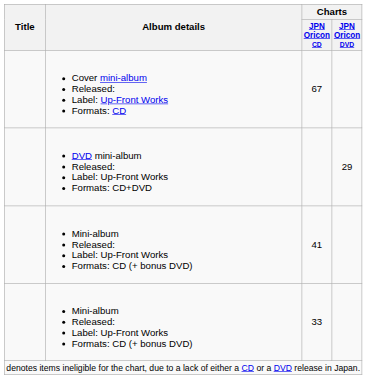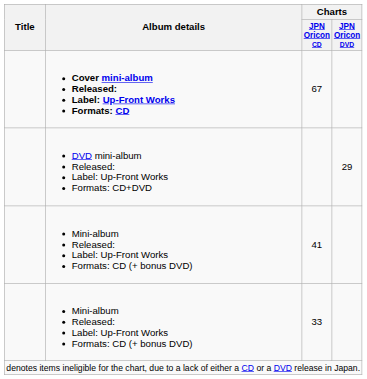 <table class="wikitable">
 <tr>
 <th rowspan="2">Title</th>
 <th rowspan="2">Album details</th>
 <th colspan="2">Charts</th>
 </tr>
 <tr>
 <th style="width:3em;font-size:85%;"><a href='#'>JPN<br>Oricon<br><small>CD</small></a><br></th>
 <th style="width:3em;font-size:85%;"><a href='#'>JPN<br>Oricon<br><small>DVD</small></a><br></th>
 </tr>
 <tr>
 <td></td>
-<td><br><ul><li>Cover <a href='#'>mini-album</a></li><li>Released: </li><li>Label: <a href='#'>Up-Front Works</a></li><li>Formats: <a href='#'>CD</a></li></ul></td>
+<td><strong><br><ul><li>Cover <a href='#'>mini-album</a></li><li>Released: </li><li>Label: <a href='#'>Up-Front Works</a></li><li>Formats: <a href='#'>CD</a></li></ul></strong></td>
 <td align="center">67</td>
 <td></td>
 </tr>
 <tr>
 <td></td>
 <td><br><ul><li><a href='#'>DVD</a> mini-album</li><li>Released: </li><li>Label: Up-Front Works</li><li>Formats: CD+DVD</li></ul></td>
 <td></td>
 <td align="center">29</td>
 </tr>
 <tr>
 <td></td>
 <td><br><ul><li>Mini-album</li><li>Released: </li><li>Label: Up-Front Works</li><li>Formats: CD (+ bonus DVD)</li></ul></td>
 <td align="center">41</td>
 <td></td>
 </tr>
 <tr>
 <td></td>
 <td><br><ul><li>Mini-album</li><li>Released: </li><li>Label: Up-Front Works</li><li>Formats: CD (+ bonus DVD)</li></ul></td>
 <td align="center">33</td>
 <td></td>
 </tr>
 <tr>
 <td colspan="12" align="center" style="font-size:90%;"> denotes items ineligible for the chart, due to a lack of either a <a href='#'>CD</a> or a <a href='#'>DVD</a> release in Japan.</td>
 </tr>
 </table>
